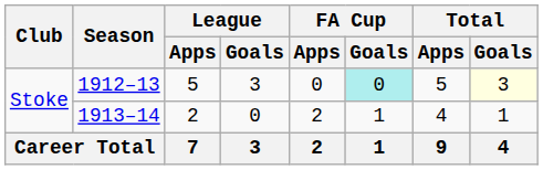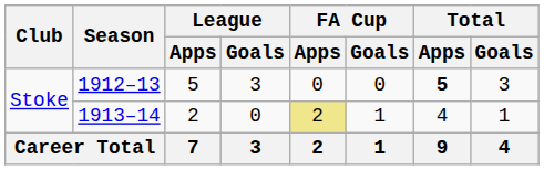 <table class="wikitable" style="text-align: center;">
 <tr>
 <th rowspan="2">Club</th>
 <th rowspan="2">Season</th>
 <th colspan="2">League</th>
 <th colspan="2">FA Cup</th>
 <th colspan="2">Total</th>
 </tr>
 <tr>
 <th>Apps</th>
 <th>Goals</th>
 <th>Apps</th>
 <th>Goals</th>
 <th>Apps</th>
 <th>Goals</th>
 </tr>
 <tr>
 <td rowspan="2"><a href='#'>Stoke</a></td>
 <td><a href='#'>1912–13</a></td>
 <td>5</td>
 <td>3</td>
 <td>0</td>
-<td style="background: paleturquoise;">0</td>
-<td>5</td>
-<td style="background: lightyellow;">3</td>
+<td>0</td>
+<td><strong>5</strong></td>
+<td>3</td>
 </tr>
 <tr>
 <td><a href='#'>1913–14</a></td>
 <td>2</td>
 <td>0</td>
-<td>2</td>
+<td style="background: khaki;">2</td>
 <td>1</td>
 <td>4</td>
 <td>1</td>
 </tr>
 <tr>
 <th colspan="2">Career Total</th>
 <th>7</th>
 <th>3</th>
 <th>2</th>
 <th>1</th>
 <th>9</th>
 <th>4</th>
 </tr>
 </table>
